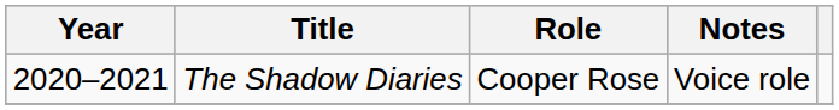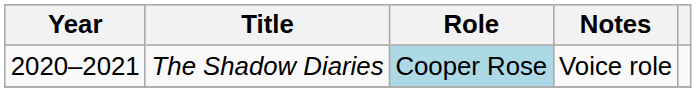 <table class="wikitable sortable">
 <tr>
 <th>Year</th>
 <th>Title</th>
 <th>Role</th>
 <th class="unsortable">Notes</th>
 <th class="unsortable"></th>
 </tr>
 <tr>
 <td>2020–2021</td>
 <td><em>The Shadow Diaries</em></td>
-<td>Cooper Rose</td>
+<td style="background: lightblue;">Cooper Rose</td>
 <td>Voice role</td>
 <td style="text-align:center;"></td>
 </tr>
 <tr>
 </tr>
 </table>
